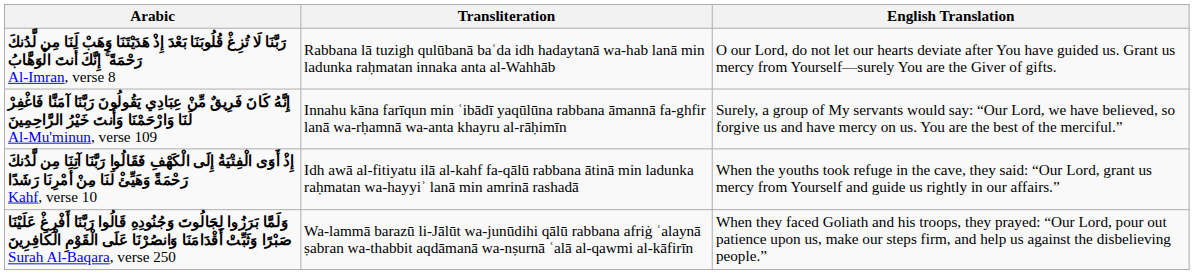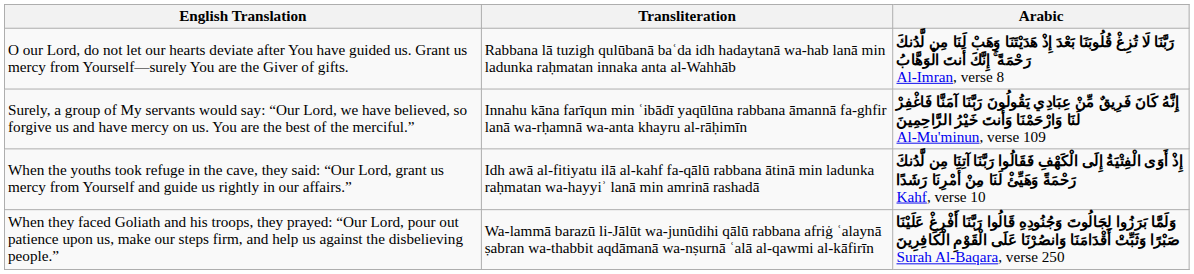 <table class="wikitable">
 <tr>
+<th>English Translation</th>
+<th>Transliteration</th>
 <th>Arabic</th>
-<th>Transliteration</th>
-<th>English Translation</th>
 </tr>
 <tr>
+<td>O our Lord, do not let our hearts deviate after You have guided us. Grant us mercy from Yourself—surely You are the Giver of gifts.</td>
+<td>Rabbana lā tuzigh qulūbanā baʿda idh hadaytanā wa-hab lanā min ladunka raḥmatan innaka anta al-Wahhāb</td>
 <td><strong>رَبَّنَا لَا تُزِغْ قُلُوبَنَا بَعْدَ إِذْ هَدَيْتَنَا وَهَبْ لَنَا مِن لَّدُنكَ رَحْمَةً ۚ إِنَّكَ أَنتَ الْوَهَّابُ</strong><br><a href='#'>Al-Imran</a>, verse 8</td>
-<td>Rabbana lā tuzigh qulūbanā baʿda idh hadaytanā wa-hab lanā min ladunka raḥmatan innaka anta al-Wahhāb</td>
-<td>O our Lord, do not let our hearts deviate after You have guided us. Grant us mercy from Yourself—surely You are the Giver of gifts.</td>
 </tr>
 <tr>
+<td>Surely, a group of My servants would say: “Our Lord, we have believed, so forgive us and have mercy on us. You are the best of the merciful.”</td>
+<td>Innahu kāna farīqun min ʿibādī yaqūlūna rabbana āmannā fa-ghfir lanā wa-rḥamnā wa-anta khayru al-rāḥimīn</td>
 <td><strong>إِنَّهُ كَانَ فَرِيقٌ مِّنْ عِبَادِي يَقُولُونَ رَبَّنَا آمَنَّا فَاغْفِرْ لَنَا وَارْحَمْنَا وَأَنتَ خَيْرُ الرَّاحِمِينَ</strong><br><a href='#'>Al-Mu'minun</a>, verse 109</td>
-<td>Innahu kāna farīqun min ʿibādī yaqūlūna rabbana āmannā fa-ghfir lanā wa-rḥamnā wa-anta khayru al-rāḥimīn</td>
-<td>Surely, a group of My servants would say: “Our Lord, we have believed, so forgive us and have mercy on us. You are the best of the merciful.”</td>
 </tr>
 <tr>
+<td>When the youths took refuge in the cave, they said: “Our Lord, grant us mercy from Yourself and guide us rightly in our affairs.”</td>
+<td>Idh awā al-fitiyatu ilā al-kahf fa-qālū rabbana ātinā min ladunka raḥmatan wa-hayyiʾ lanā min amrinā rashadā</td>
 <td><strong>إِذْ أَوَى الْفِتْيَةُ إِلَى الْكَهْفِ فَقَالُوا رَبَّنَا آتِنَا مِن لَّدُنكَ رَحْمَةً وَهَيِّئْ لَنَا مِنْ أَمْرِنَا رَشَدًا</strong><br><a href='#'>Kahf</a>, verse 10</td>
-<td>Idh awā al-fitiyatu ilā al-kahf fa-qālū rabbana ātinā min ladunka raḥmatan wa-hayyiʾ lanā min amrinā rashadā</td>
-<td>When the youths took refuge in the cave, they said: “Our Lord, grant us mercy from Yourself and guide us rightly in our affairs.”</td>
 </tr>
 <tr>
+<td>When they faced Goliath and his troops, they prayed: “Our Lord, pour out patience upon us, make our steps firm, and help us against the disbelieving people.”</td>
+<td>Wa-lammā barazū li-Jālūt wa-junūdihi qālū rabbana afriġ ʿalaynā ṣabran wa-thabbit aqdāmanā wa-nṣurnā ʿalā al-qawmi al-kāfirīn</td>
 <td><strong>وَلَمَّا بَرَزُوا لِجَالُوتَ وَجُنُودِهِ قَالُوا رَبَّنَا أَفْرِغْ عَلَيْنَا صَبْرًا وَثَبِّتْ أَقْدَامَنَا وَانصُرْنَا عَلَى الْقَوْمِ الْكَافِرِينَ</strong><br><a href='#'>Surah Al-Baqara</a>, verse 250</td>
-<td>Wa-lammā barazū li-Jālūt wa-junūdihi qālū rabbana afriġ ʿalaynā ṣabran wa-thabbit aqdāmanā wa-nṣurnā ʿalā al-qawmi al-kāfirīn</td>
-<td>When they faced Goliath and his troops, they prayed: “Our Lord, pour out patience upon us, make our steps firm, and help us against the disbelieving people.”</td>
 </tr>
 </table>
